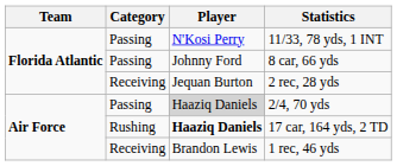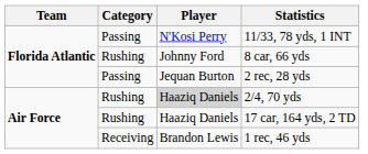 <table class="wikitable" style="float: left;">
 <tr>
 <th>Team</th>
 <th>Category</th>
 <th>Player</th>
 <th>Statistics</th>
 </tr>
 <tr>
 <td rowspan=3><strong>Florida Atlantic</strong></td>
 <td>Passing</td>
 <td><a href='#'>N'Kosi Perry</a></td>
 <td>11/33, 78 yds, 1 INT</td>
 </tr>
 <tr>
-<td>Passing</td>
+<td>Rushing</td>
 <td>Johnny Ford</td>
 <td>8 car, 66 yds</td>
 </tr>
 <tr>
-<td>Receiving</td>
+<td>Passing</td>
 <td>Jequan Burton</td>
 <td>2 rec, 28 yds</td>
 </tr>
 <tr>
 <td rowspan=3><strong>Air Force</strong></td>
-<td>Passing</td>
+<td>Rushing</td>
 <td style="background: lightgrey;">Haaziq Daniels</td>
 <td>2/4, 70 yds</td>
 </tr>
 <tr>
 <td>Rushing</td>
-<td><strong>Haaziq Daniels</strong></td>
+<td>Haaziq Daniels</td>
 <td>17 car, 164 yds, 2 TD</td>
 </tr>
 <tr>
 <td>Receiving</td>
 <td>Brandon Lewis</td>
 <td>1 rec, 46 yds</td>
 </tr>
 </table>
